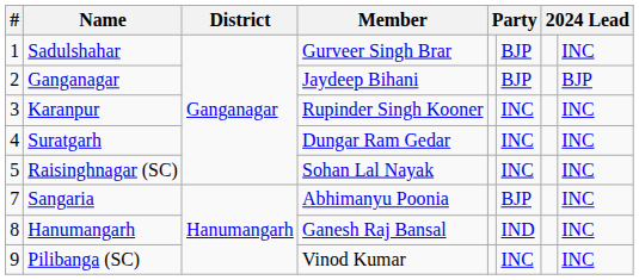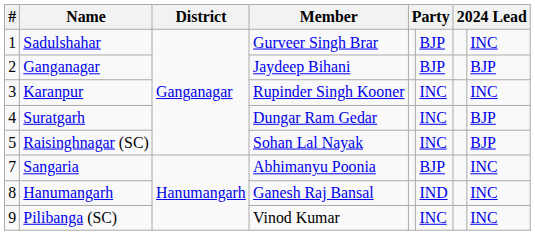 <table class="wikitable">
 <tr>
 <th>#</th>
 <th>Name</th>
 <th>District</th>
 <th>Member</th>
 <th colspan="2">Party</th>
 <th colspan="2">2024 Lead</th>
 </tr>
 <tr>
 <td>1</td>
 <td><a href='#'>Sadulshahar</a></td>
 <td rowspan="5"><a href='#'>Ganganagar</a></td>
 <td><a href='#'>Gurveer Singh Brar</a></td>
 <td style="background-color: "></td>
 <td><a href='#'>BJP</a></td>
 <td style="background-color: "></td>
 <td><a href='#'>INC</a></td>
 </tr>
 <tr>
 <td>2</td>
 <td><a href='#'>Ganganagar</a></td>
 <td><a href='#'>Jaydeep Bihani</a></td>
 <td style="background-color: "></td>
 <td><a href='#'>BJP</a></td>
 <td style="background-color: "></td>
 <td><a href='#'>BJP</a></td>
 </tr>
 <tr>
 <td>3</td>
 <td><a href='#'>Karanpur</a></td>
 <td><a href='#'>Rupinder Singh Kooner</a></td>
 <td style="background-color: "></td>
 <td><a href='#'>INC</a></td>
 <td style="background-color: "></td>
 <td><a href='#'>INC</a></td>
 </tr>
 <tr>
 <td>4</td>
 <td><a href='#'>Suratgarh</a></td>
 <td><a href='#'>Dungar Ram Gedar</a></td>
 <td style="background-color: "></td>
 <td><a href='#'>INC</a></td>
 <td style="background-color: "></td>
-<td><a href='#'>INC</a></td>
+<td><a href='#'>BJP</a></td>
 </tr>
 <tr>
 <td>5</td>
 <td><a href='#'>Raisinghnagar</a> (SC)</td>
 <td><a href='#'>Sohan Lal Nayak</a></td>
 <td style="background-color: "></td>
 <td><a href='#'>INC</a></td>
 <td style="background-color: "></td>
-<td><a href='#'>INC</a></td>
+<td><a href='#'>BJP</a></td>
 </tr>
 <tr>
 <td>7</td>
 <td><a href='#'>Sangaria</a></td>
 <td rowspan="3"><a href='#'>Hanumangarh</a></td>
 <td><a href='#'>Abhimanyu Poonia</a></td>
 <td style="background-color: "></td>
 <td><a href='#'>BJP</a></td>
 <td style="background-color: "></td>
 <td><a href='#'>INC</a></td>
 </tr>
 <tr>
 <td>8</td>
 <td><a href='#'>Hanumangarh</a></td>
 <td><a href='#'>Ganesh Raj Bansal</a></td>
 <td style="background-color: "></td>
 <td><a href='#'>IND</a></td>
 <td style="background-color: "></td>
 <td><a href='#'>INC</a></td>
 </tr>
 <tr>
 <td>9</td>
 <td><a href='#'>Pilibanga</a> (SC)</td>
 <td>Vinod Kumar</td>
 <td style="background-color: "></td>
 <td><a href='#'>INC</a></td>
 <td style="background-color: "></td>
 <td><a href='#'>INC</a></td>
 </tr>
 </table>
